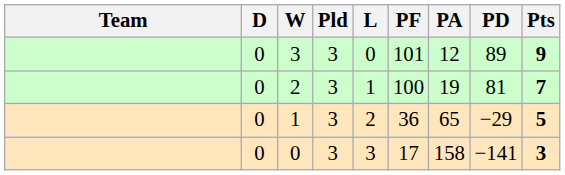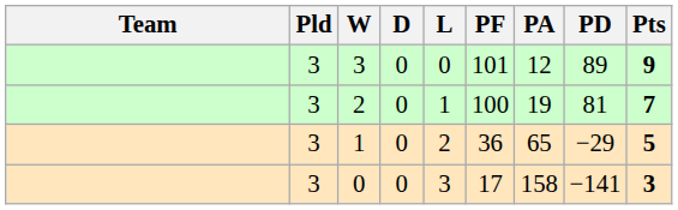 <table class="wikitable" style="text-align:center;">
 <tr>
 <th width=175>Team</th>
+<th width=20 abbr="Played">Pld</th>
+<th width=20 abbr="Won">W</th>
 <th width=20 abbr="Drawn">D</th>
-<th width=20 abbr="Won">W</th>
-<th width=20 abbr="Played">Pld</th>
 <th width=20 abbr="Lost">L</th>
 <th width=20 abbr="Points for">PF</th>
 <th width=20 abbr="Points against">PA</th>
 <th width=30 abbr="Points difference">PD</th>
 <th width=20 abbr="Points">Pts</th>
 </tr>
 <tr bgcolor=ccffcc>
 <td align=left></td>
-<td>0</td>
 <td>3</td>
 <td>3</td>
+<td>0</td>
 <td>0</td>
 <td>101</td>
 <td>12</td>
 <td>89</td>
 <td><strong> 9 </strong></td>
 </tr>
 <tr bgcolor=ccffcc>
 <td align=left></td>
+<td>3</td>
+<td>2</td>
 <td>0</td>
-<td>2</td>
-<td>3</td>
 <td>1</td>
 <td>100</td>
 <td>19</td>
 <td>81</td>
 <td><strong> 7 </strong></td>
 </tr>
 <tr bgcolor=ffe6bd>
 <td align=left></td>
+<td>3</td>
+<td>1</td>
 <td>0</td>
-<td>1</td>
-<td>3</td>
 <td>2</td>
 <td>36</td>
 <td>65</td>
 <td>−29</td>
 <td><strong> 5 </strong></td>
 </tr>
 <tr bgcolor=ffe6bd>
 <td align=left></td>
+<td>3</td>
 <td>0</td>
 <td>0</td>
-<td>3</td>
 <td>3</td>
 <td>17</td>
 <td>158</td>
 <td>−141</td>
 <td><strong> 3 </strong></td>
 </tr>
 </table>
